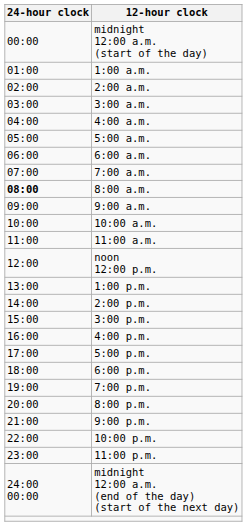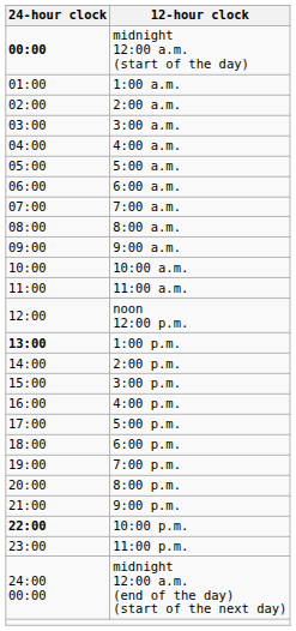 <table align="right" class="wikitable" style="margin: 0 0 2em 2em; font-size: 95%">
 <tr>
 <th>24-hour clock</th>
 <th>12-hour clock</th>
 </tr>
 <tr>
-<td>00:00</td>
+<td><strong>00:00</strong></td>
 <td>midnight<br>12:00 a.m.<br>(start of the day)</td>
 </tr>
 <tr>
 <td>01:00</td>
 <td>1:00 a.m.</td>
 </tr>
 <tr>
 <td>02:00</td>
 <td>2:00 a.m.</td>
 </tr>
 <tr>
 <td>03:00</td>
 <td>3:00 a.m.</td>
 </tr>
 <tr>
 <td>04:00</td>
 <td>4:00 a.m.</td>
 </tr>
 <tr>
 <td>05:00</td>
 <td>5:00 a.m.</td>
 </tr>
 <tr>
 <td>06:00</td>
 <td>6:00 a.m.</td>
 </tr>
 <tr>
 <td>07:00</td>
 <td>7:00 a.m.</td>
 </tr>
 <tr>
-<td><strong>08:00</strong></td>
+<td>08:00</td>
 <td>8:00 a.m.</td>
 </tr>
 <tr>
 <td>09:00</td>
 <td>9:00 a.m.</td>
 </tr>
 <tr>
 <td>10:00</td>
 <td>10:00 a.m.</td>
 </tr>
 <tr>
 <td>11:00</td>
 <td>11:00 a.m.</td>
 </tr>
 <tr>
 <td>12:00</td>
 <td>noon<br>12:00 p.m.</td>
 </tr>
 <tr>
-<td>13:00</td>
+<td><strong>13:00</strong></td>
 <td>1:00 p.m.</td>
 </tr>
 <tr>
 <td>14:00</td>
 <td>2:00 p.m.</td>
 </tr>
 <tr>
 <td>15:00</td>
 <td>3:00 p.m.</td>
 </tr>
 <tr>
 <td>16:00</td>
 <td>4:00 p.m.</td>
 </tr>
 <tr>
 <td>17:00</td>
 <td>5:00 p.m.</td>
 </tr>
 <tr>
 <td>18:00</td>
 <td>6:00 p.m.</td>
 </tr>
 <tr>
 <td>19:00</td>
 <td>7:00 p.m.</td>
 </tr>
 <tr>
 <td>20:00</td>
 <td>8:00 p.m.</td>
 </tr>
 <tr>
 <td>21:00</td>
 <td>9:00 p.m.</td>
 </tr>
 <tr>
-<td>22:00</td>
+<td><strong>22:00</strong></td>
 <td>10:00 p.m.</td>
 </tr>
 <tr>
 <td>23:00</td>
 <td>11:00 p.m.</td>
 </tr>
 <tr>
 <td>24:00<br>00:00</td>
 <td>midnight<br>12:00 a.m.<br>(end of the day)<br>(start of the next day)</td>
 </tr>
 <tr>
 <td colspan="3"></td>
 </tr>
 </table>
